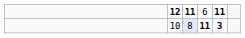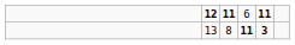 <table class="wikitable">
 <tr>
 <td style="width:18em"><strong></strong></td>
 <td align=center style="width:1em"><strong>12</strong></td>
 <td align=center style="width:1em"><strong>11</strong></td>
 <td align=center style="width:1em">6</td>
 <td align=center style="width:1em"><strong>11</strong></td>
 <td align=center style="width:1em"></td>
 </tr>
 <tr>
 <td style="width:18em"></td>
-<td align=center style="width:1em">10</td>
-<td align=center style="background: lavender; width:1em">8</td>
+<td align=center style="width:1em">13</td>
+<td align=center style="width:1em">8</td>
 <td align=center style="width:1em"><strong>11</strong></td>
 <td align=center style="width:1em"><strong>3</strong></td>
 <td align=center style="width:1em"></td>
 </tr>
 </table>
